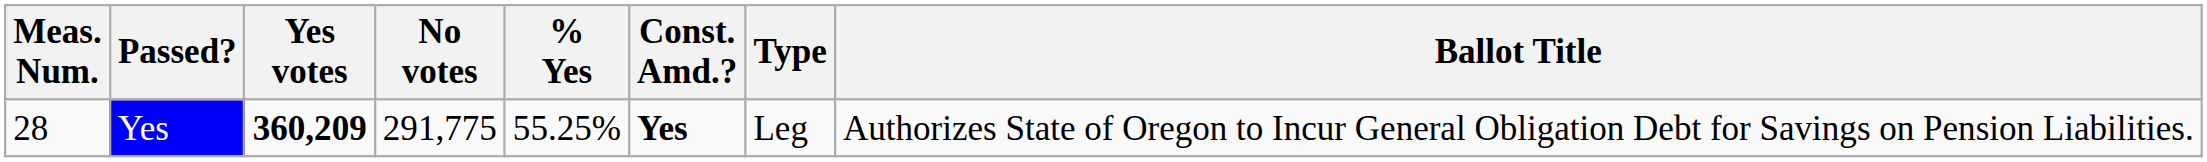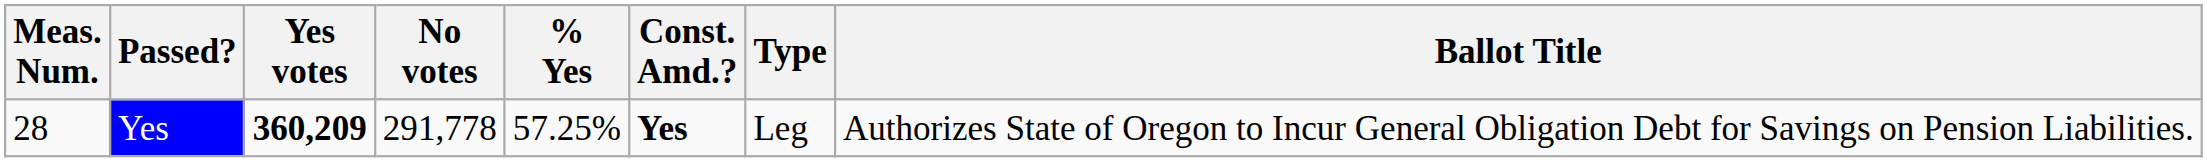 <table class="wikitable sortable">
 <tr>
 <th>Meas.<br>Num.</th>
 <th>Passed?</th>
 <th>Yes<br>votes</th>
 <th>No<br>votes</th>
 <th>%<br>Yes</th>
 <th>Const.<br>Amd.?</th>
 <th>Type</th>
 <th>Ballot Title</th>
 </tr>
 <tr>
 <td>28</td>
 <td style="background:blue;color:white">Yes</td>
 <td><strong>360,209</strong></td>
-<td>291,775</td>
-<td>55.25%</td>
+<td>291,778</td>
+<td>57.25%</td>
 <td><strong>Yes</strong></td>
 <td>Leg</td>
 <td>Authorizes State of Oregon to Incur General Obligation Debt for Savings on Pension Liabilities.</td>
 </tr>
 </table>
